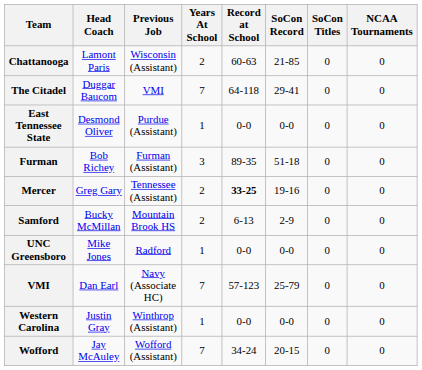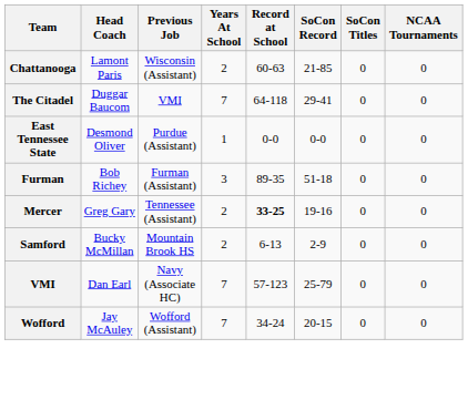 <table class="wikitable sortable" style="text-align:center">
 <tr>
 <th>Team</th>
 <th>Head Coach</th>
 <th>Previous Job</th>
 <th>Years At School</th>
 <th>Record at School</th>
 <th>SoCon Record</th>
 <th>SoCon Titles</th>
 <th>NCAA Tournaments</th>
 </tr>
 <tr>
 <th>Chattanooga</th>
 <td><a href='#'>Lamont Paris</a></td>
 <td><a href='#'>Wisconsin</a> (Assistant)</td>
 <td>2</td>
 <td>60-63</td>
 <td>21-85</td>
 <td>0</td>
 <td>0</td>
 </tr>
 <tr>
 <th>The Citadel</th>
 <td><a href='#'>Duggar Baucom</a></td>
 <td><a href='#'>VMI</a></td>
 <td>7</td>
 <td>64-118</td>
 <td>29-41</td>
 <td>0</td>
 <td>0</td>
 </tr>
 <tr>
 <th>East Tennessee State</th>
 <td><a href='#'>Desmond Oliver</a></td>
 <td><a href='#'>Purdue</a> (Assistant)</td>
 <td>1</td>
 <td>0-0</td>
 <td>0-0</td>
 <td>0</td>
 <td>0</td>
 </tr>
 <tr>
 <th>Furman</th>
 <td><a href='#'>Bob Richey</a></td>
 <td><a href='#'>Furman</a> (Assistant)</td>
 <td>3</td>
 <td>89-35</td>
 <td>51-18</td>
 <td>0</td>
 <td>0</td>
 </tr>
 <tr>
 <th>Mercer</th>
 <td><a href='#'>Greg Gary</a></td>
 <td><a href='#'>Tennessee</a> (Assistant)</td>
 <td>2</td>
 <td><strong>33-25</strong></td>
 <td>19-16</td>
 <td>0</td>
 <td>0</td>
 </tr>
 <tr>
 <th>Samford</th>
 <td><a href='#'>Bucky McMillan</a></td>
 <td><a href='#'>Mountain Brook HS</a></td>
 <td>2</td>
 <td>6-13</td>
 <td>2-9</td>
 <td>0</td>
 <td>0</td>
 </tr>
 <tr>
-<th>UNC Greensboro</th>
-<td><a href='#'>Mike Jones</a></td>
-<td><a href='#'>Radford</a></td>
-<td>1</td>
-<td>0-0</td>
-<td>0-0</td>
-<td>0</td>
-<td>0</td>
-</tr>
-<tr>
 <th>VMI</th>
 <td><a href='#'>Dan Earl</a></td>
 <td><a href='#'>Navy</a> (Associate HC)</td>
 <td>7</td>
 <td>57-123</td>
 <td>25-79</td>
-<td>0</td>
-<td>0</td>
-</tr>
-<tr>
-<th>Western Carolina</th>
-<td><a href='#'>Justin Gray</a></td>
-<td><a href='#'>Winthrop</a> (Assistant)</td>
-<td>1</td>
-<td>0-0</td>
-<td>0-0</td>
 <td>0</td>
 <td>0</td>
 </tr>
 <tr>
 <th>Wofford</th>
 <td><a href='#'>Jay McAuley</a></td>
 <td><a href='#'>Wofford</a> (Assistant)</td>
 <td>7</td>
 <td>34-24</td>
 <td>20-15</td>
 <td>0</td>
 <td>0</td>
 </tr>
 </table>
